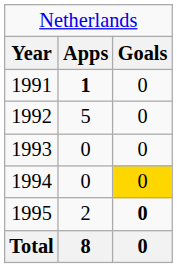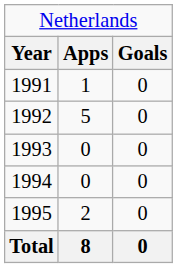 <table class="wikitable" style="text-align:center">
 <tr>
 <td colspan=3><a href='#'>Netherlands</a></td>
 </tr>
 <tr>
 <th>Year</th>
 <th>Apps</th>
 <th>Goals</th>
 </tr>
 <tr>
 <td>1991</td>
-<td><strong>1</strong></td>
+<td>1</td>
 <td>0</td>
 </tr>
 <tr>
 <td>1992</td>
 <td>5</td>
 <td>0</td>
 </tr>
 <tr>
 <td>1993</td>
 <td>0</td>
 <td>0</td>
 </tr>
 <tr>
 <td>1994</td>
 <td>0</td>
-<td style="background: gold;">0</td>
+<td>0</td>
 </tr>
 <tr>
 <td>1995</td>
 <td>2</td>
-<td><strong>0</strong></td>
+<td>0</td>
 </tr>
 <tr>
 <th>Total</th>
 <th>8</th>
 <th>0</th>
 </tr>
 </table>
